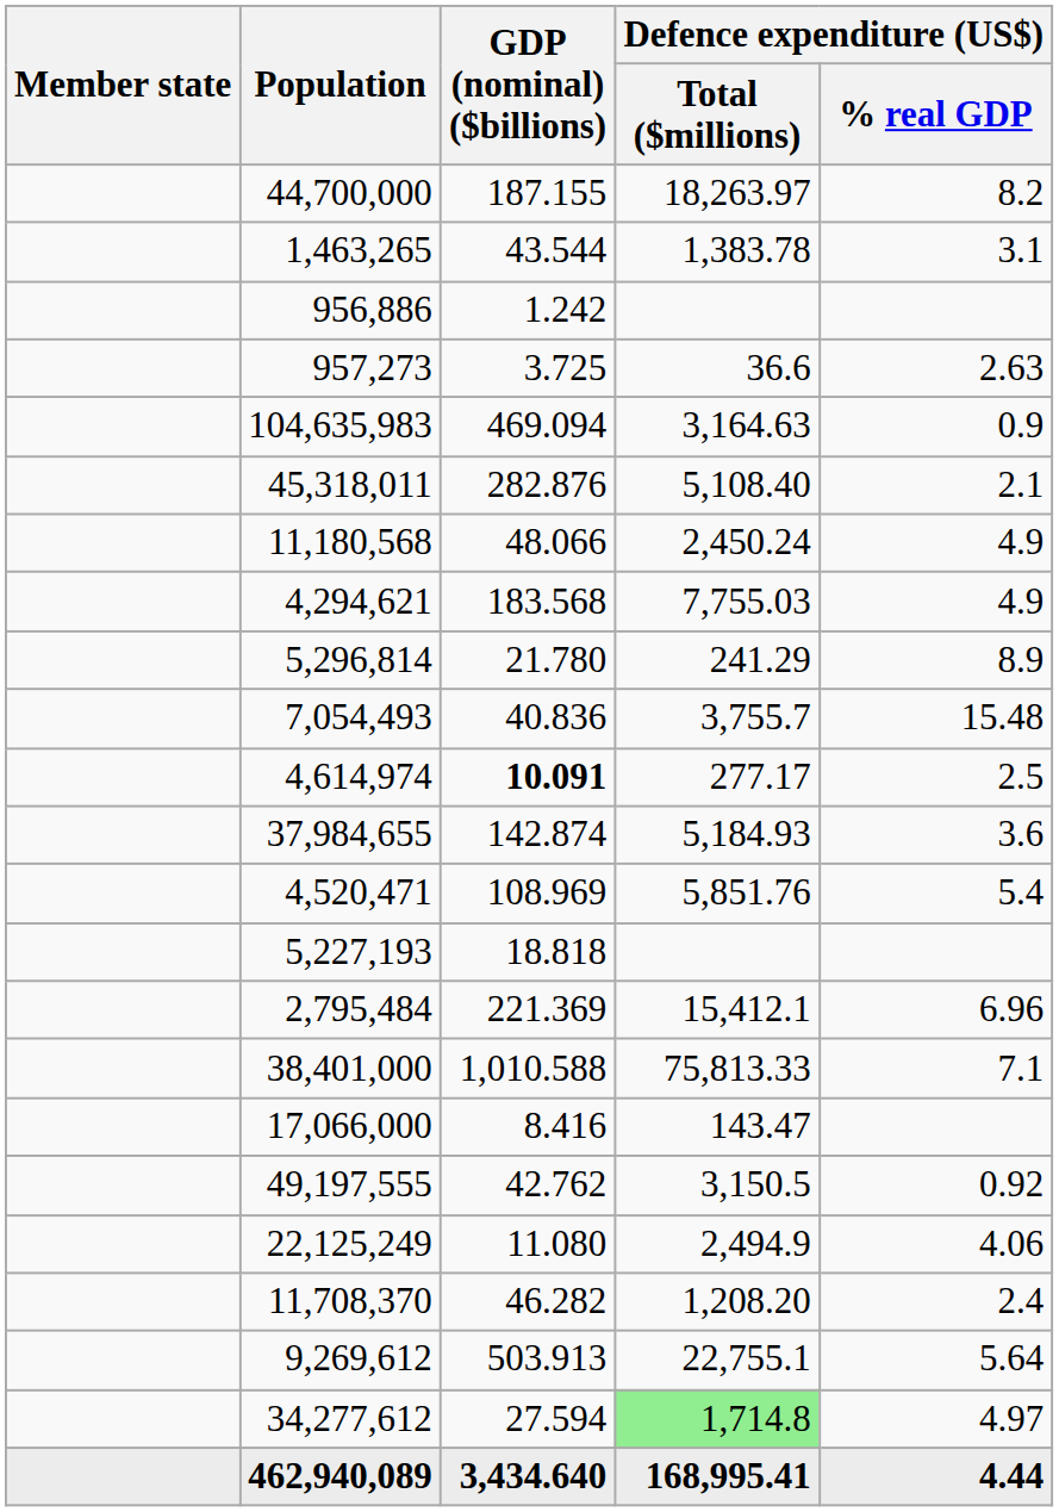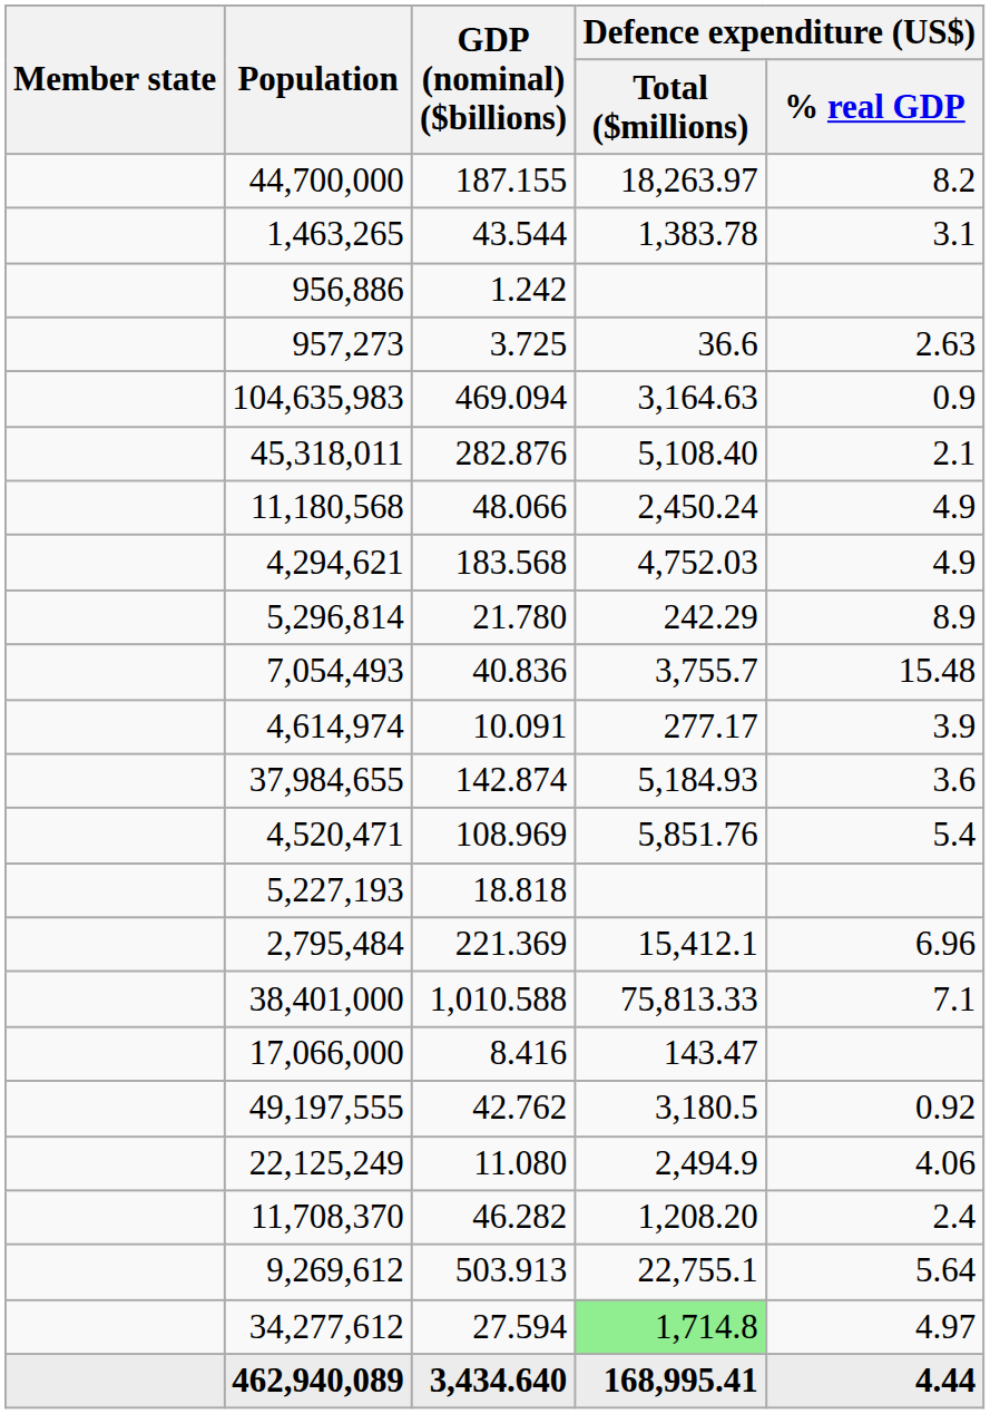 <table class="wikitable sortable" style="text-align:right">
 <tr>
 <th rowspan="2">Member state</th>
 <th rowspan="2">Popu­lation</th>
 <th rowspan="2">GDP<br>(nomi­nal)<br>($billions)</th>
 <th colspan="2">Defence expenditure (US$)</th>
 </tr>
 <tr>
 <th>Total<br>($mil­lions)</th>
 <th>% <a href='#'>real GDP</a></th>
 </tr>
 <tr>
 <td style="text-align:left"></td>
 <td>44,700,000</td>
 <td>187.155</td>
 <td>18,263.97</td>
 <td>8.2</td>
 </tr>
 <tr>
 <td style="text-align:left"></td>
 <td>1,463,265</td>
 <td>43.544</td>
 <td>1,383.78</td>
 <td>3.1</td>
 </tr>
 <tr>
 <td style="text-align:left"></td>
 <td>956,886</td>
 <td>1.242</td>
 <td></td>
 <td></td>
 </tr>
 <tr>
 <td style="text-align:left"></td>
 <td>957,273</td>
 <td>3.725</td>
 <td>36.6</td>
 <td>2.63</td>
 </tr>
 <tr>
 <td style="text-align:left"></td>
 <td>104,635,983</td>
 <td>469.094</td>
 <td>3,164.63</td>
 <td>0.9</td>
 </tr>
 <tr>
 <td style="text-align:left"></td>
 <td>45,318,011</td>
 <td>282.876</td>
 <td>5,108.40</td>
 <td>2.1</td>
 </tr>
 <tr>
 <td style="text-align:left"></td>
 <td>11,180,568</td>
 <td>48.066</td>
 <td>2,450.24</td>
 <td>4.9</td>
 </tr>
 <tr>
 <td style="text-align:left"></td>
 <td>4,294,621</td>
 <td>183.568</td>
-<td>7,755.03</td>
+<td>4,752.03</td>
 <td>4.9</td>
 </tr>
 <tr>
 <td style="text-align:left"></td>
 <td>5,296,814</td>
 <td>21.780</td>
-<td>241.29</td>
+<td>242.29</td>
 <td>8.9</td>
 </tr>
 <tr>
 <td style="text-align:left"></td>
 <td>7,054,493</td>
 <td>40.836</td>
 <td>3,755.7</td>
 <td>15.48</td>
 </tr>
 <tr>
 <td style="text-align:left"></td>
 <td>4,614,974</td>
-<td><strong>10.091</strong></td>
+<td>10.091</td>
 <td>277.17</td>
-<td>2.5</td>
+<td>3.9</td>
 </tr>
 <tr>
 <td style="text-align:left"></td>
 <td>37,984,655</td>
 <td>142.874</td>
 <td>5,184.93</td>
 <td>3.6</td>
 </tr>
 <tr>
 <td style="text-align:left"></td>
 <td>4,520,471</td>
 <td>108.969</td>
 <td>5,851.76</td>
 <td>5.4</td>
 </tr>
 <tr>
 <td style="text-align:left"></td>
 <td>5,227,193</td>
 <td>18.818</td>
 <td></td>
 <td></td>
 </tr>
 <tr>
 <td style="text-align:left"></td>
 <td>2,795,484</td>
 <td>221.369</td>
 <td>15,412.1</td>
 <td>6.96</td>
 </tr>
 <tr>
 <td style="text-align:left"></td>
 <td>38,401,000</td>
 <td>1,010.588</td>
 <td>75,813.33</td>
 <td>7.1</td>
 </tr>
 <tr>
 <td style="text-align:left"></td>
 <td>17,066,000</td>
 <td>8.416</td>
 <td>143.47</td>
 <td></td>
 </tr>
 <tr>
 <td style="text-align:left"></td>
 <td>49,197,555</td>
 <td>42.762</td>
-<td>3,150.5</td>
+<td>3,180.5</td>
 <td>0.92</td>
 </tr>
 <tr>
 <td style="text-align:left"></td>
 <td>22,125,249</td>
 <td>11.080</td>
 <td>2,494.9</td>
 <td>4.06</td>
 </tr>
 <tr>
 <td style="text-align:left"></td>
 <td>11,708,370</td>
 <td>46.282</td>
 <td>1,208.20</td>
 <td>2.4</td>
 </tr>
 <tr>
 <td style="text-align:left"></td>
 <td>9,269,612</td>
 <td>503.913</td>
 <td>22,755.1</td>
 <td>5.64</td>
 </tr>
 <tr>
 <td style="text-align:left"></td>
 <td>34,277,612</td>
 <td>27.594</td>
 <td style="background: lightgreen;">1,714.8</td>
 <td>4.97</td>
 </tr>
 <tr class="sortbottom" style="background:#ececec">
 <td align=left><strong></strong></td>
 <td><strong>462,940,089</strong></td>
 <td><strong>3,434.640</strong></td>
 <td><strong>168,995.41</strong></td>
 <td><strong>4.44</strong></td>
 </tr>
 </table>
